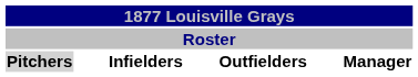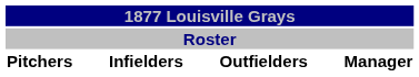 <table class="toccolours" style="font-size: 95%;">
 <tr>
 <th colspan="10" style="background-color: navy; color: #C0C0C0; text-align: center;">1877 Louisville Grays</th>
 </tr>
 <tr>
 <td colspan="10" style="background-color: #C0C0C0; color: navy; text-align: center;"><strong>Roster</strong></td>
 </tr>
 <tr>
-<td valign="top" style="background: lightgrey;"><strong>Pitchers</strong><br></td>
+<td valign="top"><strong>Pitchers</strong><br></td>
 <td width="25px"></td>
 <td valign="top"><strong>Infielders</strong><br>      </td>
 <td width="25px"></td>
 <td valign="top"><strong>Outfielders</strong><br>   </td>
 <td width="25px"></td>
 <td valign="top"><strong>Manager</strong><br></td>
 </tr>
 <tr>
 </tr>
 </table>
